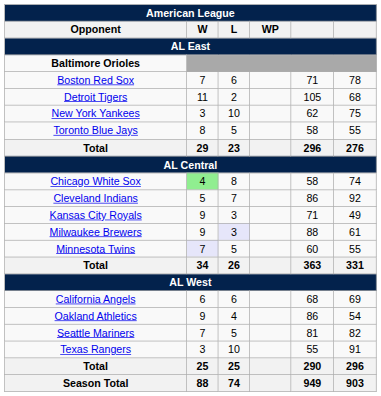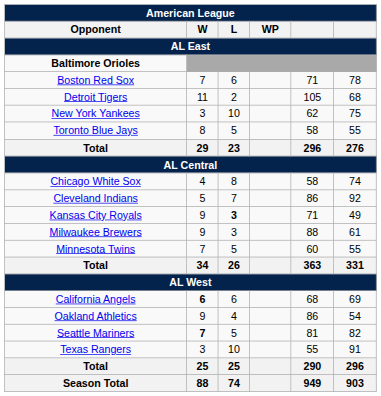 <table class="wikitable" style="font-size:95%; text-align:center; width:35em;margin: 0.5em auto;">
 <tr>
 <th colspan="7" style="background:#03224c; color:#ffffff;">American League</th>
 </tr>
 <tr>
 <th>Opponent</th>
 <th>W</th>
 <th>L</th>
 <th>WP</th>
 <th></th>
 <th></th>
 </tr>
 <tr>
 <th colspan="7" style="background:#03224c; color:#ffffff;">AL East</th>
 </tr>
 <tr>
 <td><strong>Baltimore Orioles</strong></td>
 <td colspan=5 style="background:darkgray;"></td>
 </tr>
 <tr>
 <td><a href='#'>Boston Red Sox</a></td>
 <td>7</td>
 <td>6</td>
 <td></td>
 <td>71</td>
 <td>78</td>
 </tr>
 <tr>
 <td><a href='#'>Detroit Tigers</a></td>
 <td>11</td>
 <td>2</td>
 <td></td>
 <td>105</td>
 <td>68</td>
 </tr>
 <tr>
 <td><a href='#'>New York Yankees</a></td>
 <td>3</td>
 <td>10</td>
 <td></td>
 <td>62</td>
 <td>75</td>
 </tr>
 <tr>
 <td><a href='#'>Toronto Blue Jays</a></td>
 <td>8</td>
 <td>5</td>
 <td></td>
 <td>58</td>
 <td>55</td>
 </tr>
 <tr>
 <th>Total</th>
 <th>29</th>
 <th>23</th>
 <th></th>
 <th>296</th>
 <th>276</th>
 </tr>
 <tr>
 <th colspan="7" style="background:#03224c; color:#ffffff;">AL Central</th>
 </tr>
 <tr>
 <td><a href='#'>Chicago White Sox</a></td>
-<td style="background: lightgreen;">4</td>
+<td>4</td>
 <td>8</td>
 <td></td>
 <td>58</td>
 <td>74</td>
 </tr>
 <tr>
 <td><a href='#'>Cleveland Indians</a></td>
 <td>5</td>
 <td>7</td>
 <td></td>
 <td>86</td>
 <td>92</td>
 </tr>
 <tr>
 <td><a href='#'>Kansas City Royals</a></td>
 <td>9</td>
-<td>3</td>
+<td><strong>3</strong></td>
 <td></td>
 <td>71</td>
 <td>49</td>
 </tr>
 <tr>
 <td><a href='#'>Milwaukee Brewers</a></td>
 <td>9</td>
-<td style="background: lavender;">3</td>
+<td>3</td>
 <td></td>
 <td>88</td>
 <td>61</td>
 </tr>
 <tr>
 <td><a href='#'>Minnesota Twins</a></td>
-<td style="background: lavender;">7</td>
+<td>7</td>
 <td>5</td>
 <td></td>
 <td>60</td>
 <td>55</td>
 </tr>
 <tr>
 <th>Total</th>
 <th>34</th>
 <th>26</th>
 <th></th>
 <th>363</th>
 <th>331</th>
 </tr>
 <tr>
 <th colspan="7" style="background:#03224c; color:#ffffff;">AL West</th>
 </tr>
 <tr>
 <td><a href='#'>California Angels</a></td>
-<td>6</td>
+<td><strong>6</strong></td>
 <td>6</td>
 <td></td>
 <td>68</td>
 <td>69</td>
 </tr>
 <tr>
 <td><a href='#'>Oakland Athletics</a></td>
 <td>9</td>
 <td>4</td>
 <td></td>
 <td>86</td>
 <td>54</td>
 </tr>
 <tr>
 <td><a href='#'>Seattle Mariners</a></td>
-<td>7</td>
+<td><strong>7</strong></td>
 <td>5</td>
 <td></td>
 <td>81</td>
 <td>82</td>
 </tr>
 <tr>
 <td><a href='#'>Texas Rangers</a></td>
 <td>3</td>
 <td>10</td>
 <td></td>
 <td>55</td>
 <td>91</td>
 </tr>
 <tr>
 <th>Total</th>
 <th>25</th>
 <th>25</th>
 <th></th>
 <th>290</th>
 <th>296</th>
 </tr>
 <tr>
 <th>Season Total</th>
 <th>88</th>
 <th>74</th>
 <th></th>
 <th>949</th>
 <th>903</th>
 </tr>
 </table>
